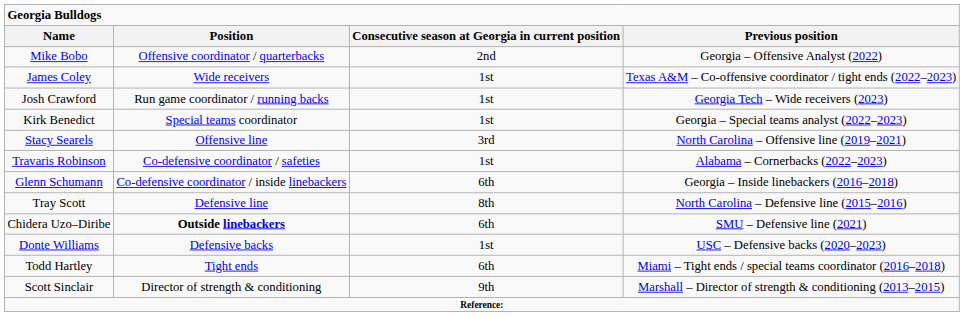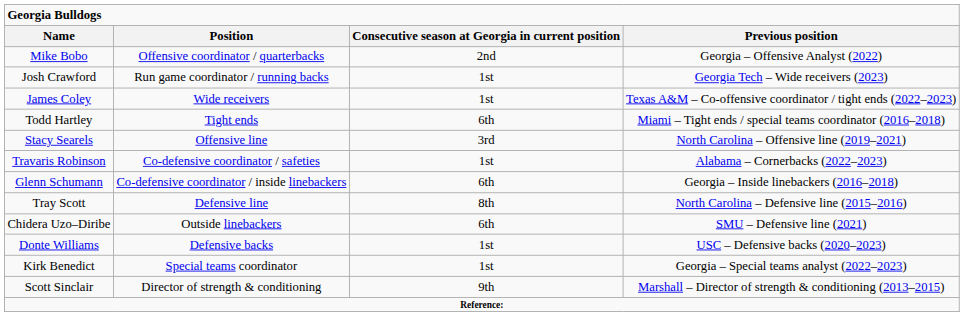 <table class="wikitable" style="font-size:90%;">
 <tr>
 <td colspan=4><strong>Georgia Bulldogs</strong></td>
 </tr>
 <tr align="center";>
 <th>Name</th>
 <th>Position</th>
 <th>Consecutive season at Georgia in current position</th>
 <th>Previous position</th>
 </tr>
 <tr align="center";>
 <td><a href='#'>Mike Bobo</a></td>
 <td><a href='#'>Offensive coordinator</a> / <a href='#'>quarterbacks</a></td>
 <td>2nd</td>
 <td>Georgia – Offensive Analyst (<a href='#'>2022</a>)</td>
 </tr>
 <tr align="center";>
+<td>Josh Crawford</td>
+<td>Run game coordinator / <a href='#'>running backs</a></td>
+<td>1st</td>
+<td><a href='#'>Georgia Tech</a> – Wide receivers (<a href='#'>2023</a>)</td>
+</tr>
+<tr align="center";>
 <td><a href='#'>James Coley</a></td>
 <td><a href='#'>Wide receivers</a></td>
 <td>1st</td>
 <td><a href='#'>Texas A&M</a> – Co-offensive coordinator / tight ends (<a href='#'>2022</a>–<a href='#'>2023</a>)</td>
 </tr>
 <tr align="center";>
-<td>Josh Crawford</td>
-<td>Run game coordinator / <a href='#'>running backs</a></td>
-<td>1st</td>
-<td><a href='#'>Georgia Tech</a> – Wide receivers (<a href='#'>2023</a>)</td>
-</tr>
-<tr align="center";>
-<td>Kirk Benedict</td>
-<td><a href='#'>Special teams</a> coordinator</td>
-<td>1st</td>
-<td>Georgia – Special teams analyst (<a href='#'>2022</a>–<a href='#'>2023</a>)</td>
+<td>Todd Hartley</td>
+<td><a href='#'>Tight ends</a></td>
+<td>6th</td>
+<td><a href='#'>Miami</a> – Tight ends / special teams coordinator (<a href='#'>2016</a>–<a href='#'>2018</a>)</td>
 </tr>
 <tr align="center";>
 <td><a href='#'>Stacy Searels</a></td>
 <td><a href='#'>Offensive line</a></td>
 <td>3rd</td>
 <td><a href='#'>North Carolina</a> – Offensive line (<a href='#'>2019</a>–<a href='#'>2021</a>)</td>
 </tr>
 <tr align="center";>
 <td><a href='#'>Travaris Robinson</a></td>
 <td><a href='#'>Co-defensive coordinator</a> / <a href='#'>safeties</a></td>
 <td>1st</td>
 <td><a href='#'>Alabama</a> – Cornerbacks (<a href='#'>2022</a>–<a href='#'>2023</a>)</td>
 </tr>
 <tr align="center";>
 <td><a href='#'>Glenn Schumann</a></td>
 <td><a href='#'>Co-defensive coordinator</a> / inside <a href='#'>linebackers</a></td>
 <td>6th</td>
 <td>Georgia – Inside linebackers (<a href='#'>2016</a>–<a href='#'>2018</a>)</td>
 </tr>
 <tr align="center";>
 <td>Tray Scott</td>
 <td><a href='#'>Defensive line</a></td>
 <td>8th</td>
 <td><a href='#'>North Carolina</a> – Defensive line (<a href='#'>2015</a>–<a href='#'>2016</a>)</td>
 </tr>
 <tr align="center";>
 <td>Chidera Uzo–Diribe</td>
-<td><strong>Outside <a href='#'>linebackers</a></strong></td>
+<td>Outside <a href='#'>linebackers</a></td>
 <td>6th</td>
 <td><a href='#'>SMU</a> – Defensive line (<a href='#'>2021</a>)</td>
 </tr>
 <tr align="center";>
 <td><a href='#'>Donte Williams</a></td>
 <td><a href='#'>Defensive backs</a></td>
 <td>1st</td>
 <td><a href='#'>USC</a> – Defensive backs (<a href='#'>2020</a>–<a href='#'>2023</a>)</td>
 </tr>
 <tr align="center";>
-<td>Todd Hartley</td>
-<td><a href='#'>Tight ends</a></td>
-<td>6th</td>
-<td><a href='#'>Miami</a> – Tight ends / special teams coordinator (<a href='#'>2016</a>–<a href='#'>2018</a>)</td>
+<td>Kirk Benedict</td>
+<td><a href='#'>Special teams</a> coordinator</td>
+<td>1st</td>
+<td>Georgia – Special teams analyst (<a href='#'>2022</a>–<a href='#'>2023</a>)</td>
 </tr>
 <tr align="center";>
 <td>Scott Sinclair</td>
 <td>Director of strength & conditioning</td>
 <td>9th</td>
 <td><a href='#'>Marshall</a> – Director of strength & conditioning (<a href='#'>2013</a>–<a href='#'>2015</a>)</td>
 </tr>
 <tr>
 <td colspan="4"  style="font-size:8pt; text-align:center;"><strong>Reference:</strong></td>
 </tr>
 </table>
